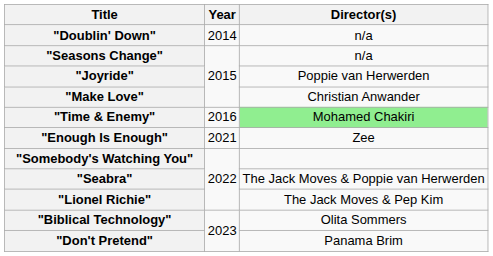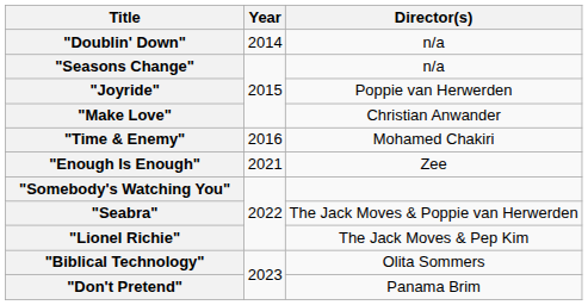 <table class="wikitable plainrowheaders" style="text-align:center;">
 <tr>
 <th scope="col" style="width:15em;">Title</th>
 <th scope="col">Year</th>
 <th scope="col">Director(s)</th>
 </tr>
 <tr>
 <th scope="row">"Doublin' Down"</th>
 <td>2014</td>
 <td>n/a</td>
 </tr>
 <tr>
 <th scope="row">"Seasons Change"</th>
 <td rowspan="3">2015</td>
 <td>n/a</td>
 </tr>
 <tr>
 <th scope="row">"Joyride"</th>
 <td>Poppie van Herwerden</td>
 </tr>
 <tr>
 <th scope="row">"Make Love"</th>
 <td>Christian Anwander</td>
 </tr>
 <tr>
 <th scope="row">"Time & Enemy"</th>
 <td>2016</td>
-<td style="background: lightgreen;">Mohamed Chakiri</td>
+<td>Mohamed Chakiri</td>
 </tr>
 <tr>
 <th scope="row">"Enough Is Enough"</th>
 <td>2021</td>
 <td>Zee</td>
 </tr>
 <tr>
 <th scope="row">"Somebody's Watching You"</th>
 <td rowspan="3">2022</td>
 <td><em></em></td>
 </tr>
 <tr>
 <th scope="row">"Seabra"</th>
 <td>The Jack Moves & Poppie van Herwerden</td>
 </tr>
 <tr>
 <th scope="row">"Lionel Richie"</th>
 <td>The Jack Moves & Pep Kim</td>
 </tr>
 <tr>
 <th scope="row">"Biblical Technology"</th>
 <td rowspan="2">2023</td>
 <td>Olita Sommers</td>
 </tr>
 <tr>
 <th scope="row">"Don't Pretend"</th>
 <td>Panama Brim</td>
 </tr>
 </table>
